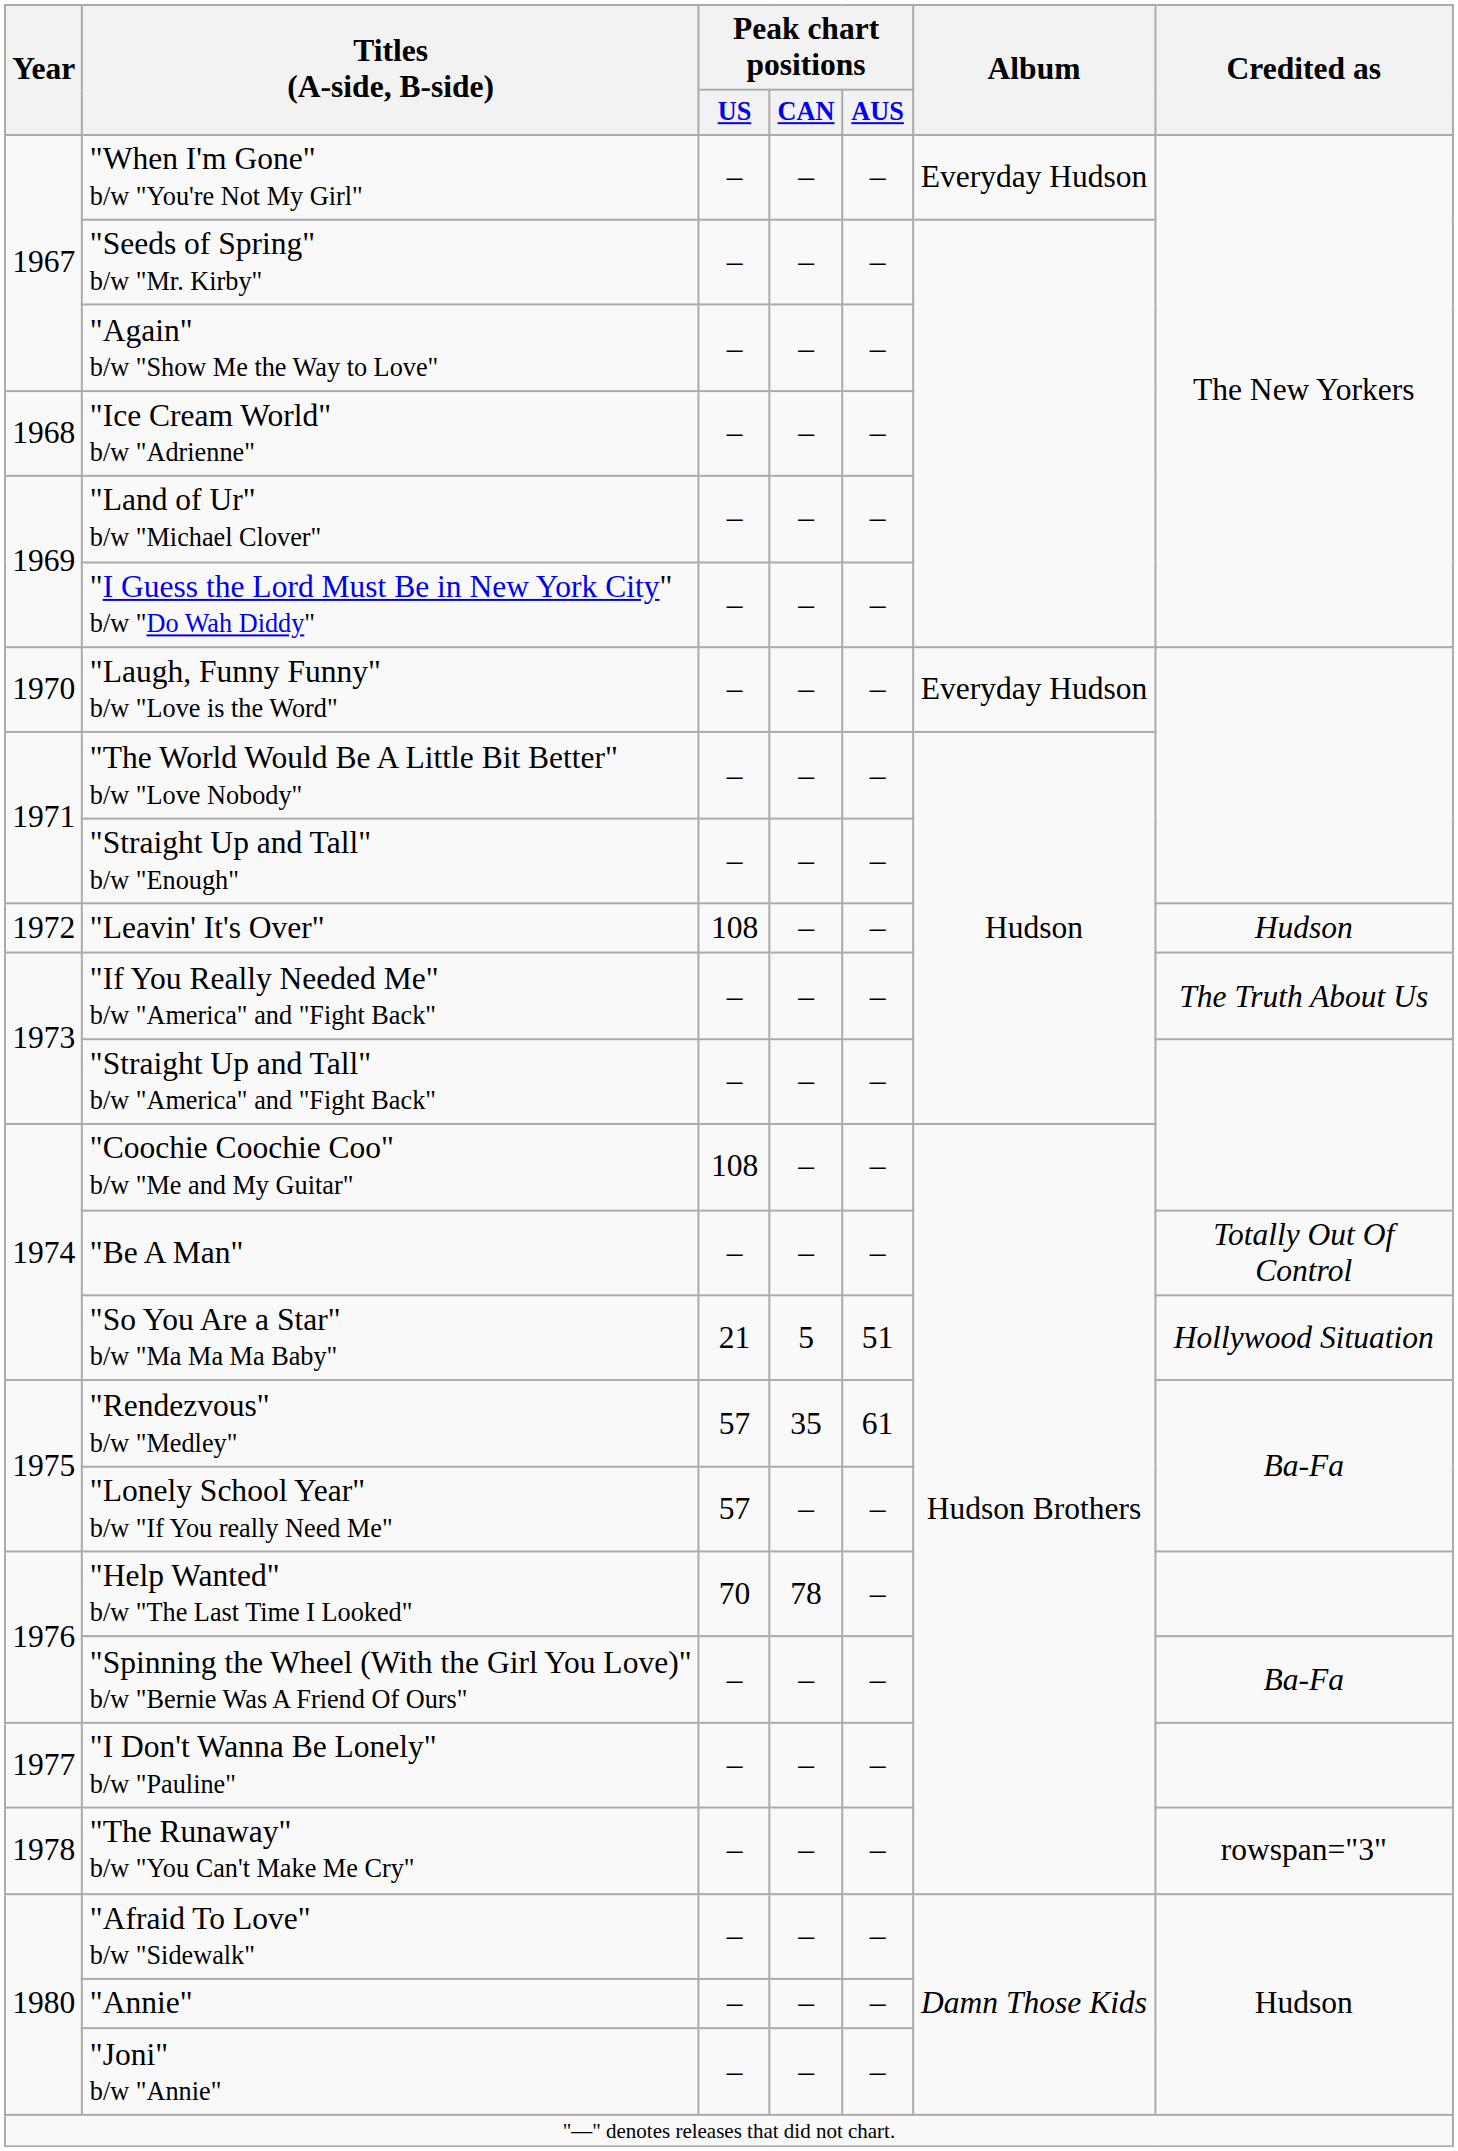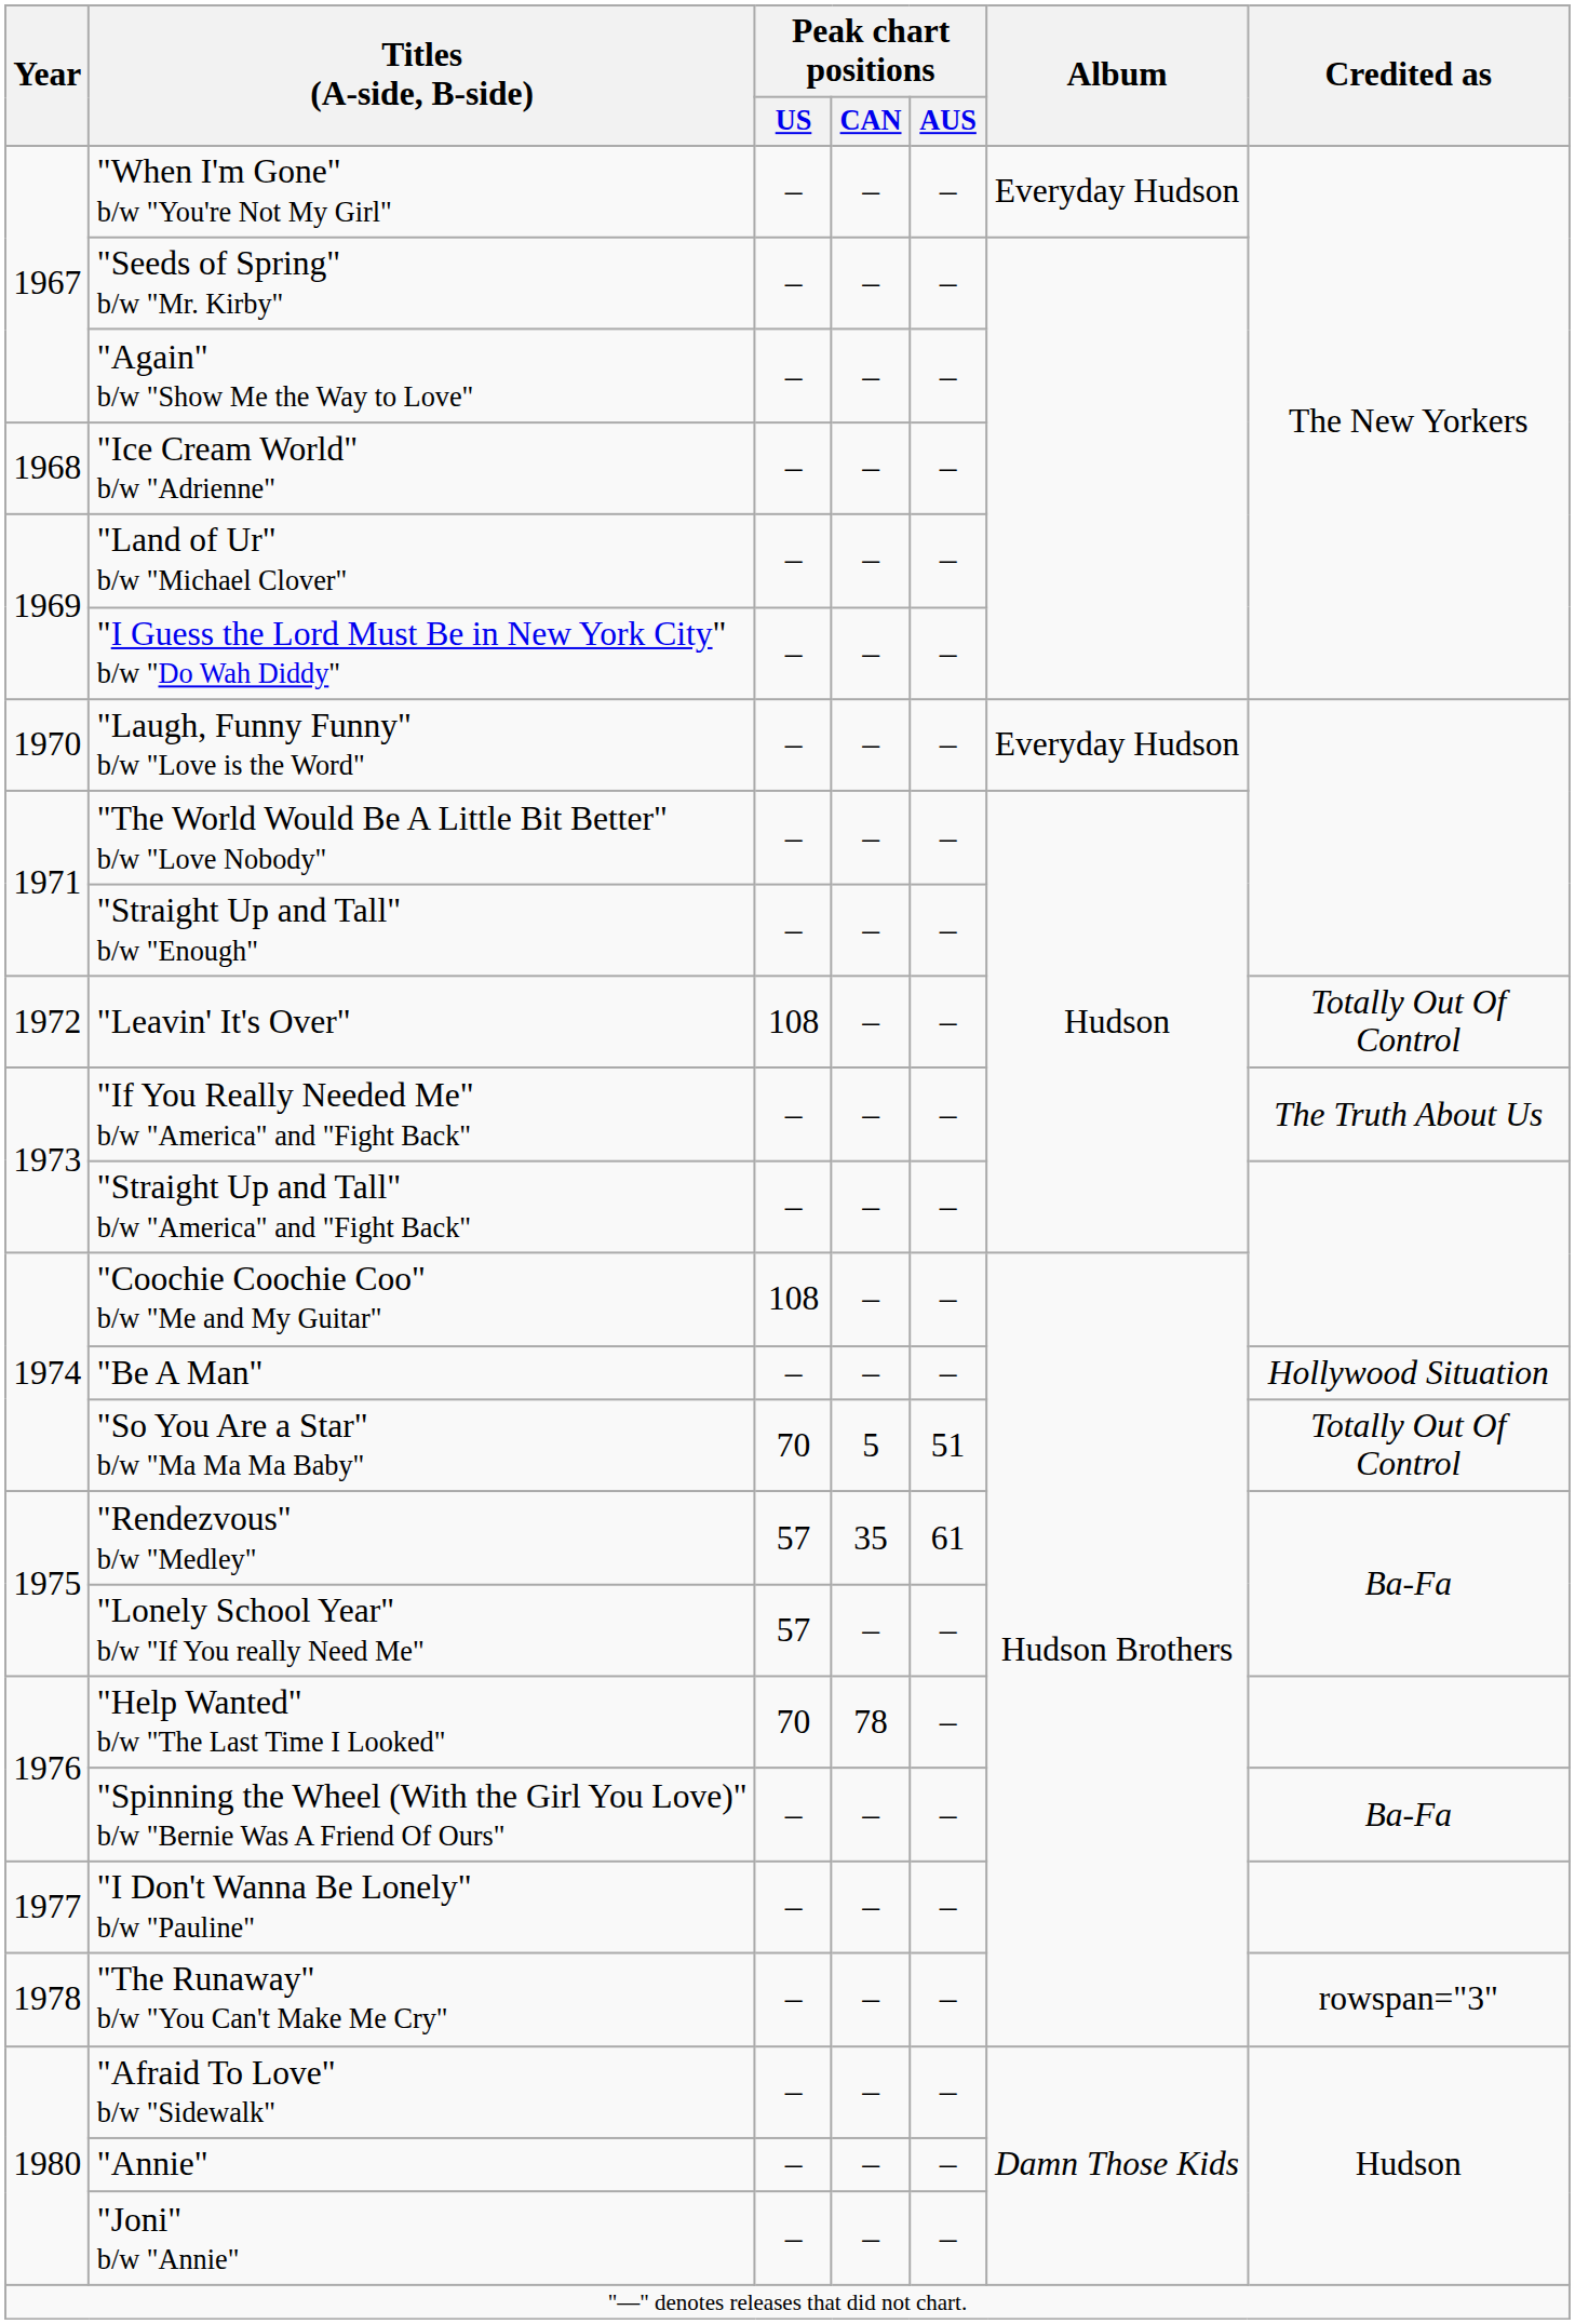 <table class="wikitable" style=text-align:center;>
 <tr>
 <th rowspan=2>Year</th>
 <th rowspan=2>Titles<br>(A-side, B-side)</th>
 <th colspan=3>Peak chart positions</th>
 <th rowspan=2>Album</th>
 <th scope="col" rowspan="2" style="width:9em;">Credited as</th>
 </tr>
 <tr style="font-size:smaller;">
 <th width=30><a href='#'>US</a><br></th>
 <th width=30><a href='#'>CAN</a><br></th>
 <th width=30><a href='#'>AUS</a></th>
 </tr>
 <tr>
 <td rowspan=3>1967</td>
 <td align=left>"When I'm Gone"<br><small>b/w "You're Not My Girl"</small></td>
 <td>–</td>
 <td>–</td>
 <td>–</td>
 <td>Everyday Hudson</td>
 <td rowspan="6">The New Yorkers</td>
 </tr>
 <tr>
 <td align=left>"Seeds of Spring"<br><small>b/w "Mr. Kirby"</small></td>
 <td>–</td>
 <td>–</td>
 <td>–</td>
 </tr>
 <tr>
 <td align=left>"Again"<br><small>b/w "Show Me the Way to Love"</small></td>
 <td>–</td>
 <td>–</td>
 <td>–</td>
 </tr>
 <tr>
 <td>1968</td>
 <td align=left>"Ice Cream World"<br><small>b/w "Adrienne"</small></td>
 <td>–</td>
 <td>–</td>
 <td>–</td>
 </tr>
 <tr>
 <td rowspan=2>1969</td>
 <td align=left>"Land of Ur"<br><small>b/w "Michael Clover"</small></td>
 <td>–</td>
 <td>–</td>
 <td>–</td>
 </tr>
 <tr>
 <td align=left>"<a href='#'>I Guess the Lord Must Be in New York City</a>"<br><small>b/w "<a href='#'>Do Wah Diddy</a>"</small></td>
 <td>–</td>
 <td>–</td>
 <td>–</td>
 </tr>
 <tr>
 <td>1970</td>
 <td align=left>"Laugh, Funny Funny"<br><small>b/w "Love is the Word"</small></td>
 <td>–</td>
 <td>–</td>
 <td>–</td>
 <td>Everyday Hudson</td>
 </tr>
 <tr>
 <td rowspan=2>1971</td>
 <td align=left>"The World Would Be A Little Bit Better"<br><small>b/w "Love Nobody"</small></td>
 <td>–</td>
 <td>–</td>
 <td>–</td>
 <td rowspan="5">Hudson</td>
 </tr>
 <tr>
 <td align=left>"Straight Up and Tall"<br><small>b/w "Enough"</small></td>
 <td>–</td>
 <td>–</td>
 <td>–</td>
 </tr>
 <tr>
 <td>1972</td>
 <td align=left>"Leavin' It's Over"</td>
 <td>108</td>
 <td>–</td>
 <td>–</td>
-<td><em>Hudson</em></td>
+<td><em>Totally Out Of Control </em></td>
 </tr>
 <tr>
 <td rowspan=2>1973</td>
 <td align=left>"If You Really Needed Me"<br><small>b/w "America" and "Fight Back"</small></td>
 <td>–</td>
 <td>–</td>
 <td>–</td>
 <td><em>The Truth About Us</em></td>
 </tr>
 <tr>
 <td align=left>"Straight Up and Tall"<br><small>b/w "America" and "Fight Back"</small></td>
 <td>–</td>
 <td>–</td>
 <td>–</td>
 </tr>
 <tr>
 <td rowspan=3>1974</td>
 <td align=left>"Coochie Coochie Coo"<br><small>b/w "Me and My Guitar"</small></td>
 <td>108</td>
 <td>–</td>
 <td>–</td>
 <td rowspan="9">Hudson Brothers</td>
 </tr>
 <tr>
 <td align=left>"Be A Man"</td>
 <td>–</td>
 <td>–</td>
 <td>–</td>
-<td><em>Totally Out Of Control </em></td>
+<td><em>Hollywood Situation</em></td>
 </tr>
 <tr>
 <td align=left>"So You Are a Star"<br><small>b/w "Ma Ma Ma Baby"</small></td>
-<td>21</td>
+<td>70</td>
 <td>5</td>
 <td>51</td>
-<td><em>Hollywood Situation</em></td>
+<td><em>Totally Out Of Control </em></td>
 </tr>
 <tr>
 <td rowspan=2>1975</td>
 <td align=left>"Rendezvous"<br><small>b/w "Medley"</small></td>
 <td>57</td>
 <td>35</td>
 <td>61</td>
 <td rowspan=2><em>Ba-Fa</em></td>
 </tr>
 <tr>
 <td align=left>"Lonely School Year"<br><small>b/w "If You really Need Me"</small></td>
 <td>57</td>
 <td>–</td>
 <td>–</td>
 </tr>
 <tr>
 <td rowspan=2>1976</td>
 <td align=left>"Help Wanted"<br><small>b/w "The Last Time I Looked"</small></td>
 <td>70</td>
 <td>78</td>
 <td>–</td>
 <td></td>
 </tr>
 <tr>
 <td align=left>"Spinning the Wheel (With the Girl You Love)"<br><small>b/w "Bernie Was A Friend Of Ours"</small></td>
 <td>–</td>
 <td>–</td>
 <td>–</td>
 <td><em>Ba-Fa</em></td>
 </tr>
 <tr>
 <td>1977</td>
 <td align=left>"I Don't Wanna Be Lonely"<br><small>b/w "Pauline"</small></td>
 <td>–</td>
 <td>–</td>
 <td>–</td>
 <td></td>
 </tr>
 <tr>
 <td>1978</td>
 <td align=left>"The Runaway"<br><small>b/w "You Can't Make Me Cry"</small></td>
 <td>–</td>
 <td>–</td>
 <td>–</td>
 <td>rowspan="3" </td>
 </tr>
 <tr>
 <td rowspan=3>1980</td>
 <td align=left>"Afraid To Love"<br><small>b/w "Sidewalk"</small></td>
 <td>–</td>
 <td>–</td>
 <td>–</td>
 <td rowspan=3><em>Damn Those Kids</em></td>
 <td rowspan=3>Hudson</td>
 </tr>
 <tr>
 <td align=left>"Annie"</td>
 <td>–</td>
 <td>–</td>
 <td>–</td>
 </tr>
 <tr>
 <td align=left>"Joni"<br><small>b/w "Annie"</small></td>
 <td>–</td>
 <td>–</td>
 <td>–</td>
 </tr>
 <tr>
 <td align="center" colspan="7" style="font-size:8pt">"—" denotes releases that did not chart.</td>
 </tr>
 </table>
